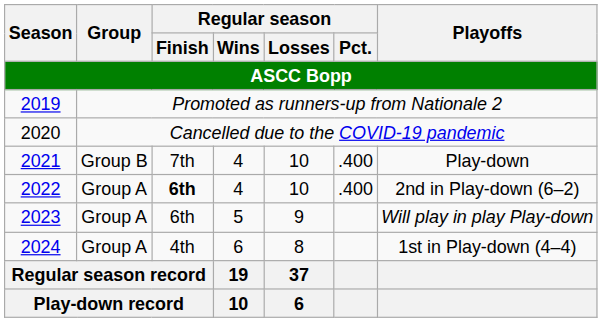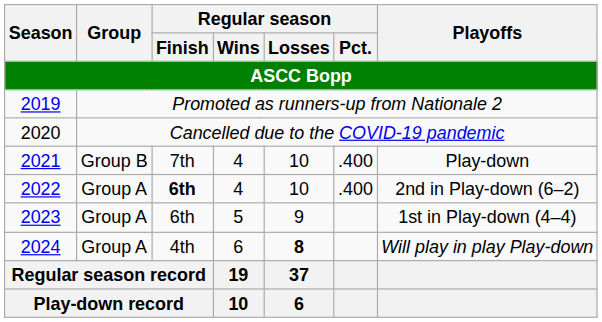 <table class="wikitable" style="font-size:95%; text-align:center">
 <tr>
 <th rowspan="2">Season</th>
 <th rowspan="2">Group</th>
 <th colspan="4">Regular season</th>
 <th rowspan="2">Playoffs</th>
 </tr>
 <tr>
 <th>Finish</th>
 <th>Wins</th>
 <th>Losses</th>
 <th>Pct.</th>
 </tr>
 <tr>
 <td colspan="8" style="background:green; border:1.5px solid silevr; color:white;"><strong>ASCC Bopp</strong></td>
 </tr>
 <tr>
 <td><a href='#'>2019</a></td>
 <td colspan="6"><em>Promoted as runners-up from Nationale 2</em></td>
 </tr>
 <tr>
 <td>2020</td>
 <td colspan="6"><em>Cancelled due to the <a href='#'>COVID-19 pandemic</a></em></td>
 </tr>
 <tr>
 <td><a href='#'>2021</a></td>
 <td>Group B</td>
 <td>7th</td>
 <td>4</td>
 <td>10</td>
 <td>.400</td>
 <td>Play-down</td>
 </tr>
 <tr>
 <td><a href='#'>2022</a></td>
 <td>Group A</td>
 <td><strong>6th</strong></td>
 <td>4</td>
 <td>10</td>
 <td>.400</td>
 <td>2nd in Play-down (6–2)</td>
 </tr>
 <tr>
 <td><a href='#'>2023</a></td>
 <td>Group A</td>
 <td>6th</td>
 <td>5</td>
 <td>9</td>
 <td></td>
-<td align="left"><em>Will play in play Play-down</em></td>
+<td>1st in Play-down (4–4)</td>
 </tr>
 <tr>
 <td><a href='#'>2024</a></td>
 <td>Group A</td>
 <td>4th</td>
 <td>6</td>
-<td>8</td>
+<td><strong>8</strong></td>
 <td></td>
-<td>1st in Play-down (4–4)</td>
+<td align="left"><em>Will play in play Play-down</em></td>
 </tr>
 <tr>
 <th colspan="3">Regular season record</th>
 <th>19</th>
 <th>37</th>
 <th></th>
 <th colspan="2"></th>
 </tr>
 <tr>
 <th colspan="3">Play-down record</th>
 <th>10</th>
 <th>6</th>
 <th></th>
 <th colspan="2"></th>
 </tr>
 </table>
